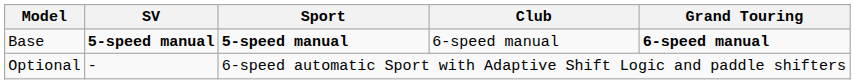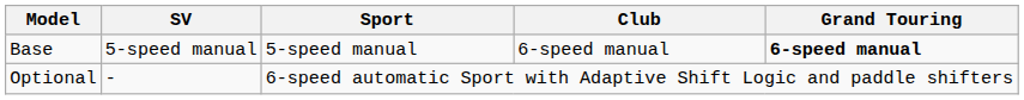 <table class="wikitable collapsible">
 <tr>
 <th>Model</th>
 <th>SV</th>
 <th>Sport</th>
 <th>Club</th>
 <th>Grand Touring</th>
 </tr>
 <tr>
 <td>Base</td>
-<td><strong>5-speed manual</strong></td>
-<td><strong>5-speed manual</strong></td>
+<td>5-speed manual</td>
+<td>5-speed manual</td>
 <td>6-speed manual</td>
 <td><strong>6-speed manual</strong></td>
 </tr>
 <tr>
 <td>Optional</td>
 <td>-</td>
 <td colspan=3>6-speed automatic Sport with Adaptive Shift Logic and paddle shifters</td>
 </tr>
 </table>
